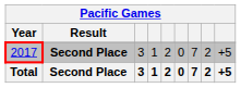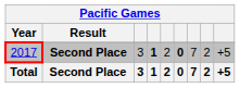 <table class="wikitable" style="text-align: center; width:50%;">
 <tr>
 <th colspan=10><a href='#'>Pacific Games</a></th>
 </tr>
 <tr>
 <th>Year</th>
 <th>Result</th>
 <th></th>
 <th></th>
 <th></th>
 <th></th>
 <th></th>
 <th></th>
 <th></th>
 </tr>
 <tr>
 </tr>
 <tr>
 </tr>
 <tr>
 </tr>
 <tr bgcolor=silver>
 <td style="border: 3px solid red"> <a href='#'>2017</a></td>
 <td><strong>Second Place</strong></td>
 <td>3</td>
-<td>1</td>
+<td><strong>1</strong></td>
 <td>2</td>
-<td>0</td>
+<td><strong>0</strong></td>
 <td>7</td>
 <td>2</td>
 <td>+5</td>
 </tr>
 <tr>
 <th>Total</th>
 <th>Second Place</th>
 <th>3</th>
 <th>1</th>
 <th>2</th>
 <th>0</th>
 <th>7</th>
 <th>2</th>
 <th>+5</th>
 </tr>
 </table>
